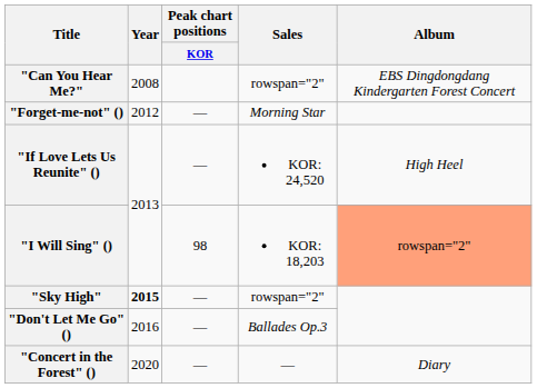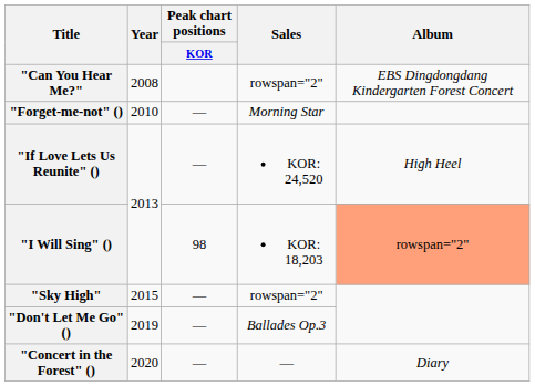 <table class="wikitable plainrowheaders" style="text-align:center;">
 <tr>
 <th scope="col" rowspan="2">Title</th>
 <th scope="col" rowspan="2">Year</th>
 <th scope="col" colspan="1" style="width:5em;">Peak chart positions</th>
 <th scope="col" rowspan="2">Sales</th>
 <th scope="col" rowspan="2">Album</th>
 </tr>
 <tr>
 <th><small><a href='#'>KOR</a></small><br></th>
 </tr>
 <tr>
 <th scope="row">"Can You Hear Me?"</th>
 <td>2008</td>
 <td></td>
 <td>rowspan="2" </td>
 <td><em>EBS Dingdongdang Kindergarten Forest Concert</em></td>
 </tr>
 <tr>
 <th scope="row">"Forget-me-not" ()</th>
-<td>2012</td>
+<td>2010</td>
 <td>—</td>
 <td><em>Morning Star</em></td>
 </tr>
 <tr>
 <th scope="row">"If Love Lets Us Reunite" ()</th>
 <td rowspan="2">2013</td>
 <td>—</td>
 <td><br><ul><li>KOR: 24,520</li></ul></td>
 <td><em>High Heel</em></td>
 </tr>
 <tr>
 <th scope="row">"I Will Sing" ()<br></th>
 <td>98</td>
 <td><br><ul><li>KOR: 18,203</li></ul></td>
 <td style="background: lightsalmon;">rowspan="2" </td>
 </tr>
 <tr>
 <th scope="row">"Sky High"<br></th>
-<td><strong>2015</strong></td>
+<td>2015</td>
 <td>—</td>
 <td>rowspan="2" </td>
 </tr>
 <tr>
 <th scope="row">"Don't Let Me Go" ()</th>
-<td>2016</td>
+<td>2019</td>
 <td>—</td>
 <td><em>Ballades Op.3</em></td>
 </tr>
 <tr>
 <th scope="row">"Concert in the Forest" ()</th>
 <td>2020</td>
 <td>—</td>
 <td>—</td>
 <td><em>Diary</em></td>
 </tr>
 </table>
